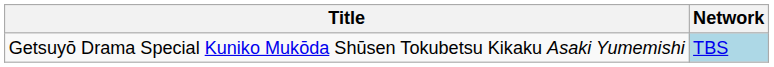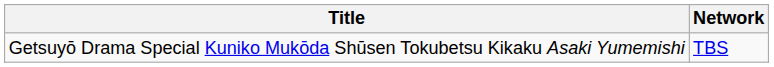 <table class="wikitable">
 <tr>
 <th>Title</th>
 <th>Network</th>
 </tr>
 <tr>
 <td>Getsuyō Drama Special <a href='#'>Kuniko Mukōda</a> Shūsen Tokubetsu Kikaku <em>Asaki Yumemishi</em></td>
-<td style="background: lightblue;"><a href='#'>TBS</a></td>
+<td><a href='#'>TBS</a></td>
 </tr>
 </table>
